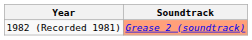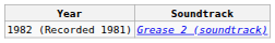 <table class="wikitable">
 <tr>
 <th>Year</th>
 <th>Soundtrack</th>
 </tr>
 <tr>
 <td>1982 (Recorded 1981)</td>
-<td style="background: lightsalmon;"><em><a href='#'>Grease 2 (soundtrack)</a></em></td>
+<td><em><a href='#'>Grease 2 (soundtrack)</a></em></td>
 </tr>
 </table>
